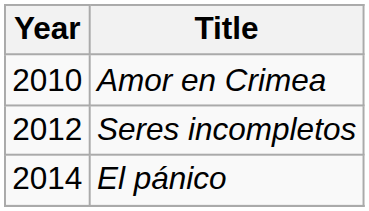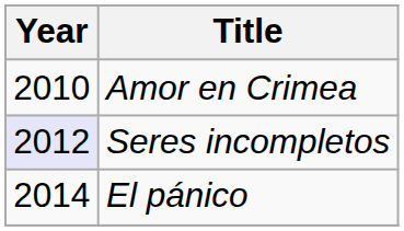 <table class="wikitable sortable">
 <tr>
 <th>Year</th>
 <th>Title</th>
 </tr>
 <tr>
 <td>2010</td>
 <td><em>Amor en Crimea</em></td>
 </tr>
 <tr>
-<td>2012</td>
+<td style="background: lavender;">2012</td>
 <td><em>Seres incompletos</em></td>
 </tr>
 <tr>
 <td>2014</td>
 <td><em>El pánico</em></td>
 </tr>
 <tr>
 </tr>
 </table>
